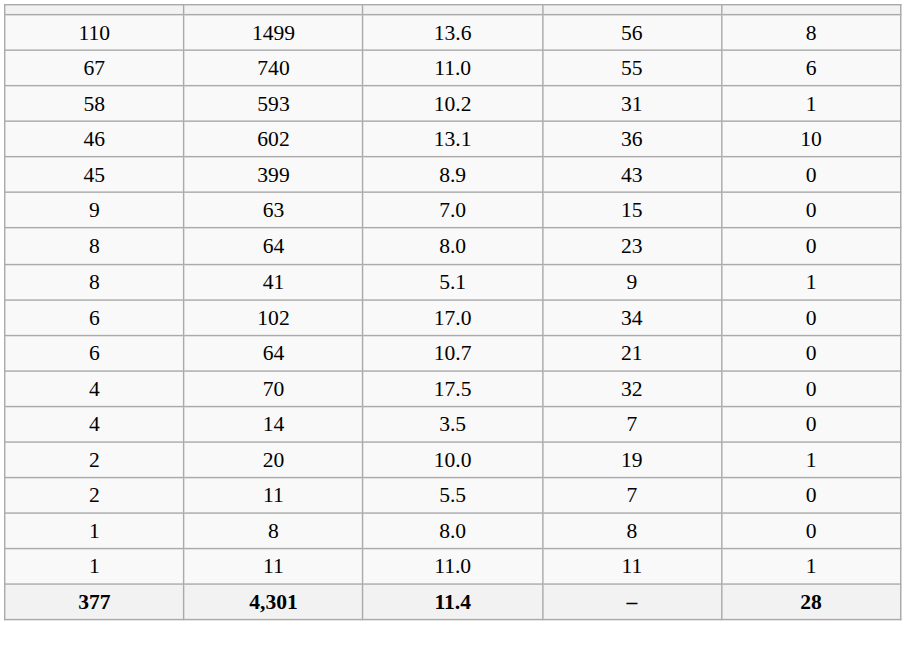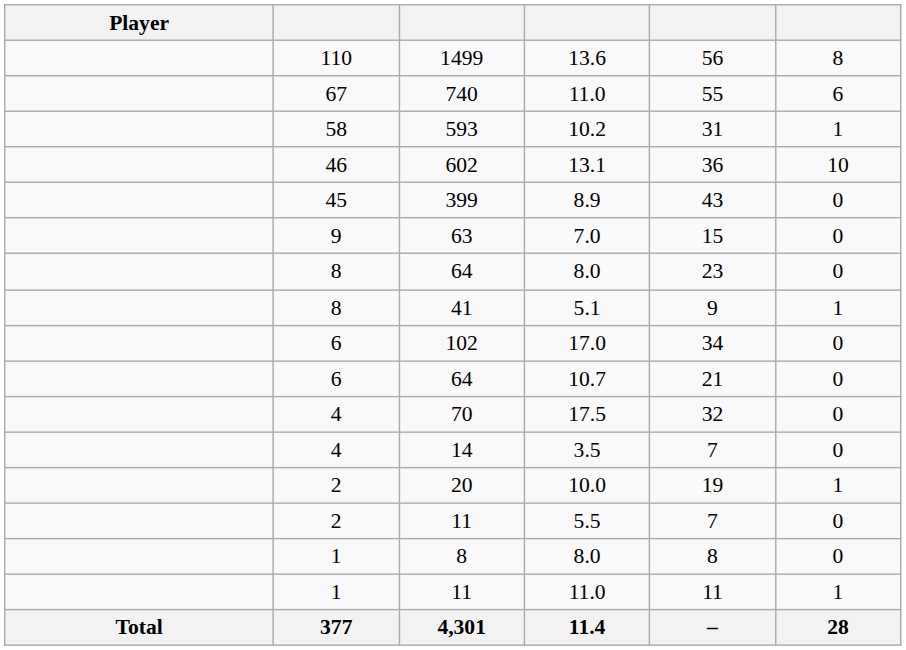 <table class="wikitable sortable" style="text-align:center; width:50%; font-size:95%;">
 <tr>
+<th width="30%">Player</th>
 <th width="14%"></th>
 <th width="14%"></th>
 <th width="14%"></th>
 <th width="14%"></th>
 <th width="14%"></th>
 </tr>
 <tr>
+<td align=left></td>
 <td>110</td>
 <td>1499</td>
 <td>13.6</td>
 <td>56</td>
 <td>8</td>
 </tr>
 <tr>
+<td align=left></td>
 <td>67</td>
 <td>740</td>
 <td>11.0</td>
 <td>55</td>
 <td>6</td>
 </tr>
 <tr>
+<td align=left></td>
 <td>58</td>
 <td>593</td>
 <td>10.2</td>
 <td>31</td>
 <td>1</td>
 </tr>
 <tr>
+<td align=left></td>
 <td>46</td>
 <td>602</td>
 <td>13.1</td>
 <td>36</td>
 <td>10</td>
 </tr>
 <tr>
+<td align=left></td>
 <td>45</td>
 <td>399</td>
 <td>8.9</td>
 <td>43</td>
 <td>0</td>
 </tr>
 <tr>
+<td align=left></td>
 <td>9</td>
 <td>63</td>
 <td>7.0</td>
 <td>15</td>
 <td>0</td>
 </tr>
 <tr>
+<td align=left></td>
 <td>8</td>
 <td>64</td>
 <td>8.0</td>
 <td>23</td>
 <td>0</td>
 </tr>
 <tr>
+<td align=left></td>
 <td>8</td>
 <td>41</td>
 <td>5.1</td>
 <td>9</td>
 <td>1</td>
 </tr>
 <tr>
+<td align=left></td>
 <td>6</td>
 <td>102</td>
 <td>17.0</td>
 <td>34</td>
 <td>0</td>
 </tr>
 <tr>
+<td align=left></td>
 <td>6</td>
 <td>64</td>
 <td>10.7</td>
 <td>21</td>
 <td>0</td>
 </tr>
 <tr>
+<td align=left></td>
 <td>4</td>
 <td>70</td>
 <td>17.5</td>
 <td>32</td>
 <td>0</td>
 </tr>
 <tr>
+<td align=left></td>
 <td>4</td>
 <td>14</td>
 <td>3.5</td>
 <td>7</td>
 <td>0</td>
 </tr>
 <tr>
+<td align=left></td>
 <td>2</td>
 <td>20</td>
 <td>10.0</td>
 <td>19</td>
 <td>1</td>
 </tr>
 <tr>
+<td align=left></td>
 <td>2</td>
 <td>11</td>
 <td>5.5</td>
 <td>7</td>
 <td>0</td>
 </tr>
 <tr>
+<td align=left></td>
 <td>1</td>
 <td>8</td>
 <td>8.0</td>
 <td>8</td>
 <td>0</td>
 </tr>
 <tr>
+<td align=left></td>
 <td>1</td>
 <td>11</td>
 <td>11.0</td>
 <td>11</td>
 <td>1</td>
 </tr>
 <tr>
+<th>Total</th>
 <th>377</th>
 <th>4,301</th>
 <th>11.4</th>
 <th>–</th>
 <th>28</th>
 </tr>
 </table>
